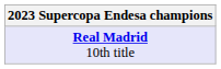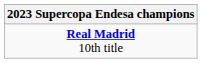 <table class=wikitable style="text-align:center; margin:auto">
 <tr>
 <th>2023 Supercopa Endesa champions</th>
 </tr>
 <tr>
-<td style="background: lavender;"><strong><a href='#'>Real Madrid</a></strong><br>10th title</td>
+<td><strong><a href='#'>Real Madrid</a></strong><br>10th title</td>
 </tr>
 </table>
